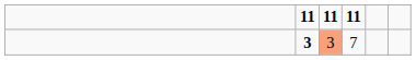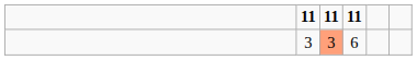 <table class="wikitable">
 <tr>
 <td style="width:18em"><strong></strong></td>
 <td align=center style="width:1em"><strong>11</strong></td>
 <td align=center style="width:1em"><strong>11</strong></td>
 <td align=center style="width:1em"><strong>11</strong></td>
 <td align=center style="width:1em"></td>
 <td align=center style="width:1em"></td>
 </tr>
 <tr>
 <td style="width:18em"></td>
-<td align=center style="width:1em"><strong>3</strong></td>
+<td align=center style="width:1em">3</td>
 <td align=center style="background: lightsalmon; width:1em">3</td>
-<td align=center style="width:1em">7</td>
+<td align=center style="width:1em">6</td>
 <td align=center style="width:1em"></td>
 <td align=center style="width:1em"></td>
 </tr>
 </table>
